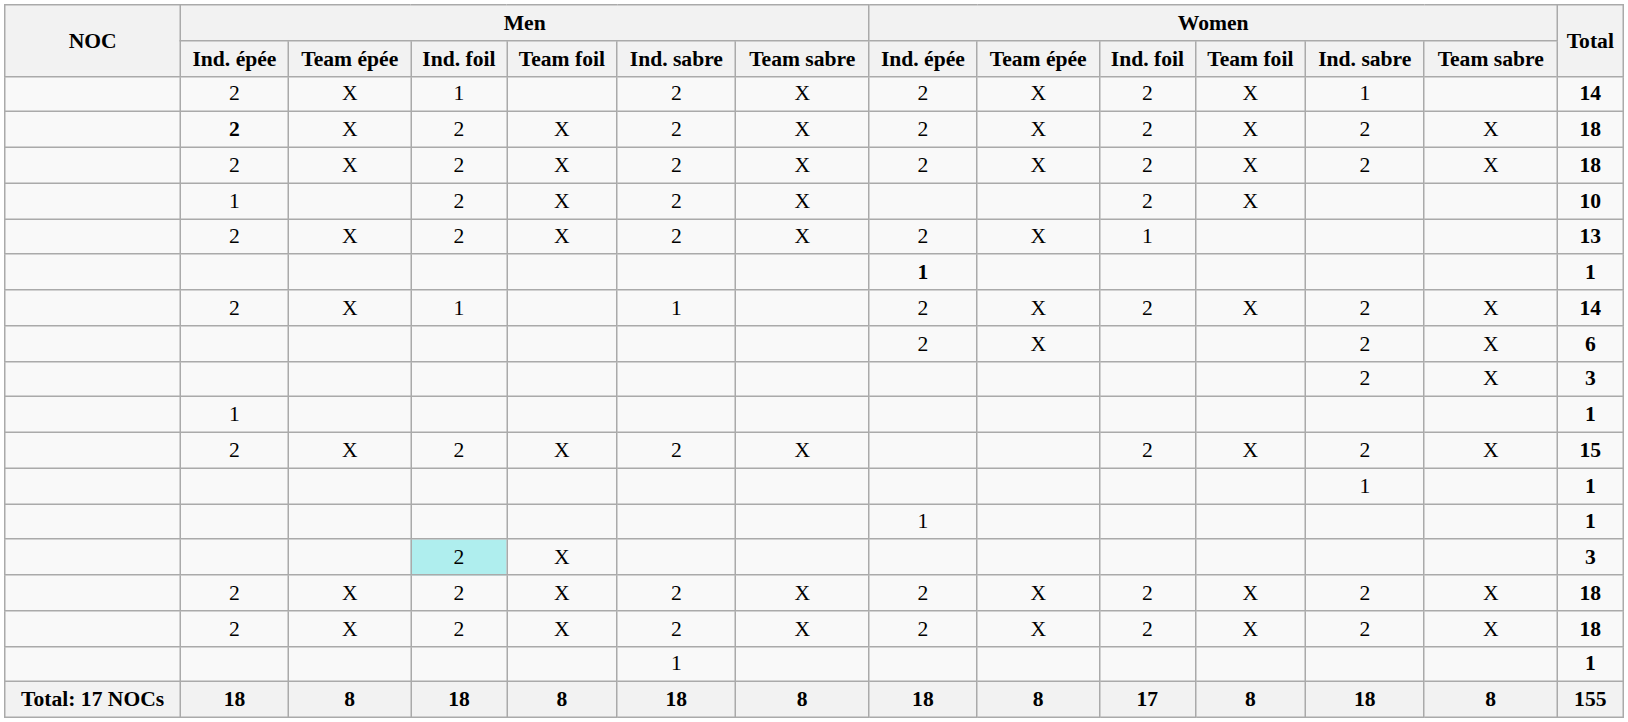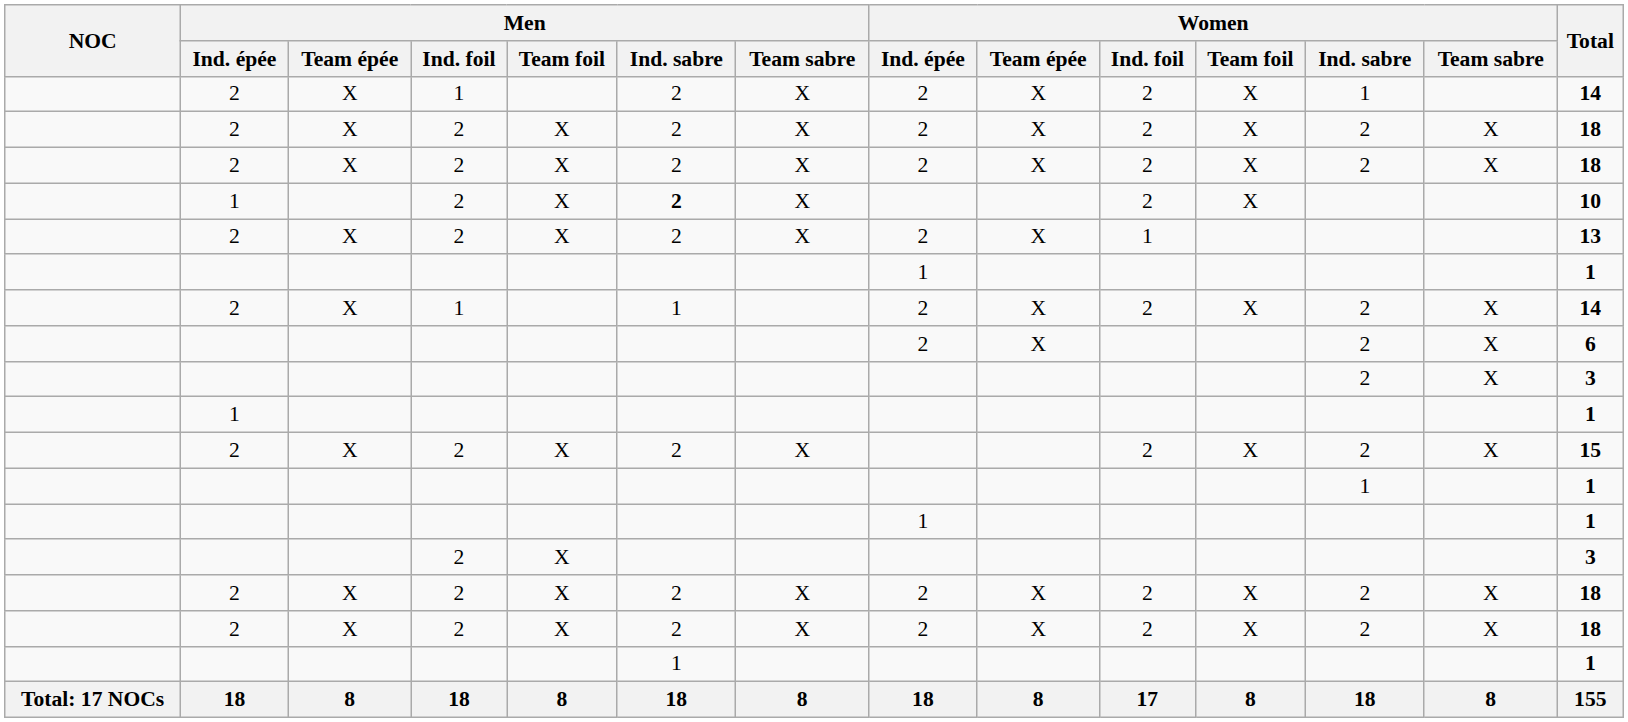 <table class="wikitable" width=1080 style="text-align:center; font-size:90%">
 <tr>
 <th rowspan="2" align="left">NOC</th>
 <th colspan="6">Men</th>
 <th colspan="6">Women</th>
 <th rowspan="2">Total</th>
 </tr>
 <tr>
 <th>Ind. épée</th>
 <th>Team épée</th>
 <th>Ind. foil</th>
 <th>Team foil</th>
 <th>Ind. sabre</th>
 <th>Team sabre</th>
 <th>Ind. épée</th>
 <th>Team épée</th>
 <th>Ind. foil</th>
 <th>Team foil</th>
 <th>Ind. sabre</th>
 <th>Team sabre</th>
 </tr>
 <tr>
 <td style="text-align:left;"></td>
 <td>2</td>
 <td>X</td>
 <td>1</td>
 <td></td>
 <td>2</td>
 <td>X</td>
 <td>2</td>
 <td>X</td>
 <td>2</td>
 <td>X</td>
 <td>1</td>
 <td></td>
 <td><strong>14</strong></td>
 </tr>
 <tr>
 <td style="text-align:left;"></td>
-<td><strong>2</strong></td>
+<td>2</td>
 <td>X</td>
 <td>2</td>
 <td>X</td>
 <td>2</td>
 <td>X</td>
 <td>2</td>
 <td>X</td>
 <td>2</td>
 <td>X</td>
 <td>2</td>
 <td>X</td>
 <td><strong>18</strong></td>
 </tr>
 <tr>
 <td style="text-align:left;"></td>
 <td>2</td>
 <td>X</td>
 <td>2</td>
 <td>X</td>
 <td>2</td>
 <td>X</td>
 <td>2</td>
 <td>X</td>
 <td>2</td>
 <td>X</td>
 <td>2</td>
 <td>X</td>
 <td><strong>18</strong></td>
 </tr>
 <tr>
 <td style="text-align:left;"></td>
 <td>1</td>
 <td></td>
 <td>2</td>
 <td>X</td>
-<td>2</td>
+<td><strong>2</strong></td>
 <td>X</td>
 <td></td>
 <td></td>
 <td>2</td>
 <td>X</td>
 <td></td>
 <td></td>
 <td><strong>10</strong></td>
 </tr>
 <tr>
 <td style="text-align:left;"></td>
 <td>2</td>
 <td>X</td>
 <td>2</td>
 <td>X</td>
 <td>2</td>
 <td>X</td>
 <td>2</td>
 <td>X</td>
 <td>1</td>
 <td></td>
 <td></td>
 <td></td>
 <td><strong>13</strong></td>
 </tr>
 <tr>
 <td style="text-align:left;"></td>
 <td></td>
 <td></td>
 <td></td>
 <td></td>
 <td></td>
 <td></td>
-<td><strong>1</strong></td>
+<td>1</td>
 <td></td>
 <td></td>
 <td></td>
 <td></td>
 <td></td>
 <td><strong>1</strong></td>
 </tr>
 <tr>
 <td style="text-align:left;"></td>
 <td>2</td>
 <td>X</td>
 <td>1</td>
 <td></td>
 <td>1</td>
 <td></td>
 <td>2</td>
 <td>X</td>
 <td>2</td>
 <td>X</td>
 <td>2</td>
 <td>X</td>
 <td><strong>14</strong></td>
 </tr>
 <tr>
 <td style="text-align:left;"></td>
 <td></td>
 <td></td>
 <td></td>
 <td></td>
 <td></td>
 <td></td>
 <td>2</td>
 <td>X</td>
 <td></td>
 <td></td>
 <td>2</td>
 <td>X</td>
 <td><strong>6</strong></td>
 </tr>
 <tr>
 <td style="text-align:left;"></td>
 <td></td>
 <td></td>
 <td></td>
 <td></td>
 <td></td>
 <td></td>
 <td></td>
 <td></td>
 <td></td>
 <td></td>
 <td>2</td>
 <td>X</td>
 <td><strong>3</strong></td>
 </tr>
 <tr>
 <td style="text-align:left;"></td>
 <td>1</td>
 <td></td>
 <td></td>
 <td></td>
 <td></td>
 <td></td>
 <td></td>
 <td></td>
 <td></td>
 <td></td>
 <td></td>
 <td></td>
 <td><strong>1</strong></td>
 </tr>
 <tr>
 <td style="text-align:left;"></td>
 <td>2</td>
 <td>X</td>
 <td>2</td>
 <td>X</td>
 <td>2</td>
 <td>X</td>
 <td></td>
 <td></td>
 <td>2</td>
 <td>X</td>
 <td>2</td>
 <td>X</td>
 <td><strong>15</strong></td>
 </tr>
 <tr>
 <td style="text-align:left;"></td>
 <td></td>
 <td></td>
 <td></td>
 <td></td>
 <td></td>
 <td></td>
 <td></td>
 <td></td>
 <td></td>
 <td></td>
 <td>1</td>
 <td></td>
 <td><strong>1</strong></td>
 </tr>
 <tr>
 <td style="text-align:left;"></td>
 <td></td>
 <td></td>
 <td></td>
 <td></td>
 <td></td>
 <td></td>
 <td>1</td>
 <td></td>
 <td></td>
 <td></td>
 <td></td>
 <td></td>
 <td><strong>1</strong></td>
 </tr>
 <tr>
 <td style="text-align:left;"></td>
 <td></td>
 <td></td>
-<td style="background: paleturquoise;">2</td>
+<td>2</td>
 <td>X</td>
 <td></td>
 <td></td>
 <td></td>
 <td></td>
 <td></td>
 <td></td>
 <td></td>
 <td></td>
 <td><strong>3</strong></td>
 </tr>
 <tr>
 <td style="text-align:left;"></td>
 <td>2</td>
 <td>X</td>
 <td>2</td>
 <td>X</td>
 <td>2</td>
 <td>X</td>
 <td>2</td>
 <td>X</td>
 <td>2</td>
 <td>X</td>
 <td>2</td>
 <td>X</td>
 <td><strong>18</strong></td>
 </tr>
 <tr>
 <td style="text-align:left;"></td>
 <td>2</td>
 <td>X</td>
 <td>2</td>
 <td>X</td>
 <td>2</td>
 <td>X</td>
 <td>2</td>
 <td>X</td>
 <td>2</td>
 <td>X</td>
 <td>2</td>
 <td>X</td>
 <td><strong>18</strong></td>
 </tr>
 <tr>
 <td style="text-align:left;"></td>
 <td></td>
 <td></td>
 <td></td>
 <td></td>
 <td>1</td>
 <td></td>
 <td></td>
 <td></td>
 <td></td>
 <td></td>
 <td></td>
 <td></td>
 <td><strong>1</strong></td>
 </tr>
 <tr>
 <th>Total: 17 NOCs</th>
 <th>18</th>
 <th>8</th>
 <th>18</th>
 <th>8</th>
 <th>18</th>
 <th>8</th>
 <th>18</th>
 <th>8</th>
 <th>17</th>
 <th>8</th>
 <th>18</th>
 <th>8</th>
 <th>155</th>
 </tr>
 </table>
